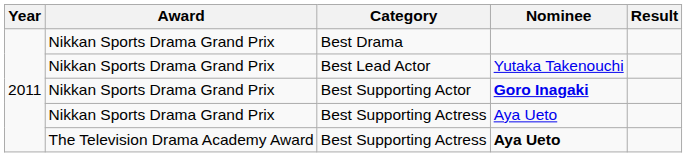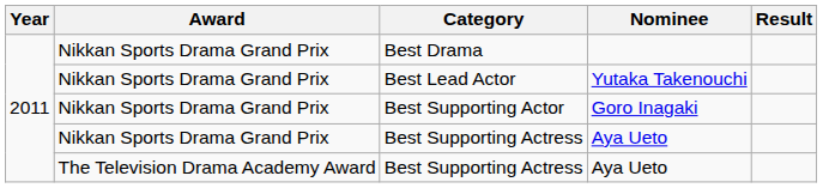 <table class="wikitable">
 <tr>
 <th>Year</th>
 <th>Award</th>
 <th>Category</th>
 <th>Nominee</th>
 <th>Result</th>
 </tr>
 <tr>
 <td rowspan="5" align="center">2011</td>
 <td>Nikkan Sports Drama Grand Prix</td>
 <td>Best Drama</td>
 <td></td>
 <td></td>
 </tr>
 <tr>
 <td>Nikkan Sports Drama Grand Prix</td>
 <td>Best Lead Actor</td>
 <td><a href='#'>Yutaka Takenouchi</a></td>
 <td></td>
 </tr>
 <tr>
 <td>Nikkan Sports Drama Grand Prix</td>
 <td>Best Supporting Actor</td>
-<td><strong><a href='#'>Goro Inagaki</a></strong></td>
+<td><a href='#'>Goro Inagaki</a></td>
 <td></td>
 </tr>
 <tr>
 <td>Nikkan Sports Drama Grand Prix</td>
 <td>Best Supporting Actress</td>
 <td><a href='#'>Aya Ueto</a></td>
 <td></td>
 </tr>
 <tr>
 <td>The Television Drama Academy Award</td>
 <td>Best Supporting Actress</td>
-<td><strong>Aya Ueto</strong></td>
+<td>Aya Ueto</td>
 <td></td>
 </tr>
 </table>
